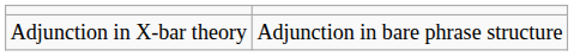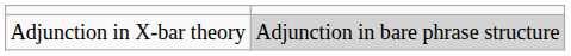 <table class="wikitable">
 <tr>
 <td></td>
 <td></td>
 </tr>
 <tr>
 <td>Adjunction in X-bar theory</td>
-<td>Adjunction in bare phrase structure</td>
+<td style="background: lightgrey;">Adjunction in bare phrase structure</td>
 </tr>
 </table>
